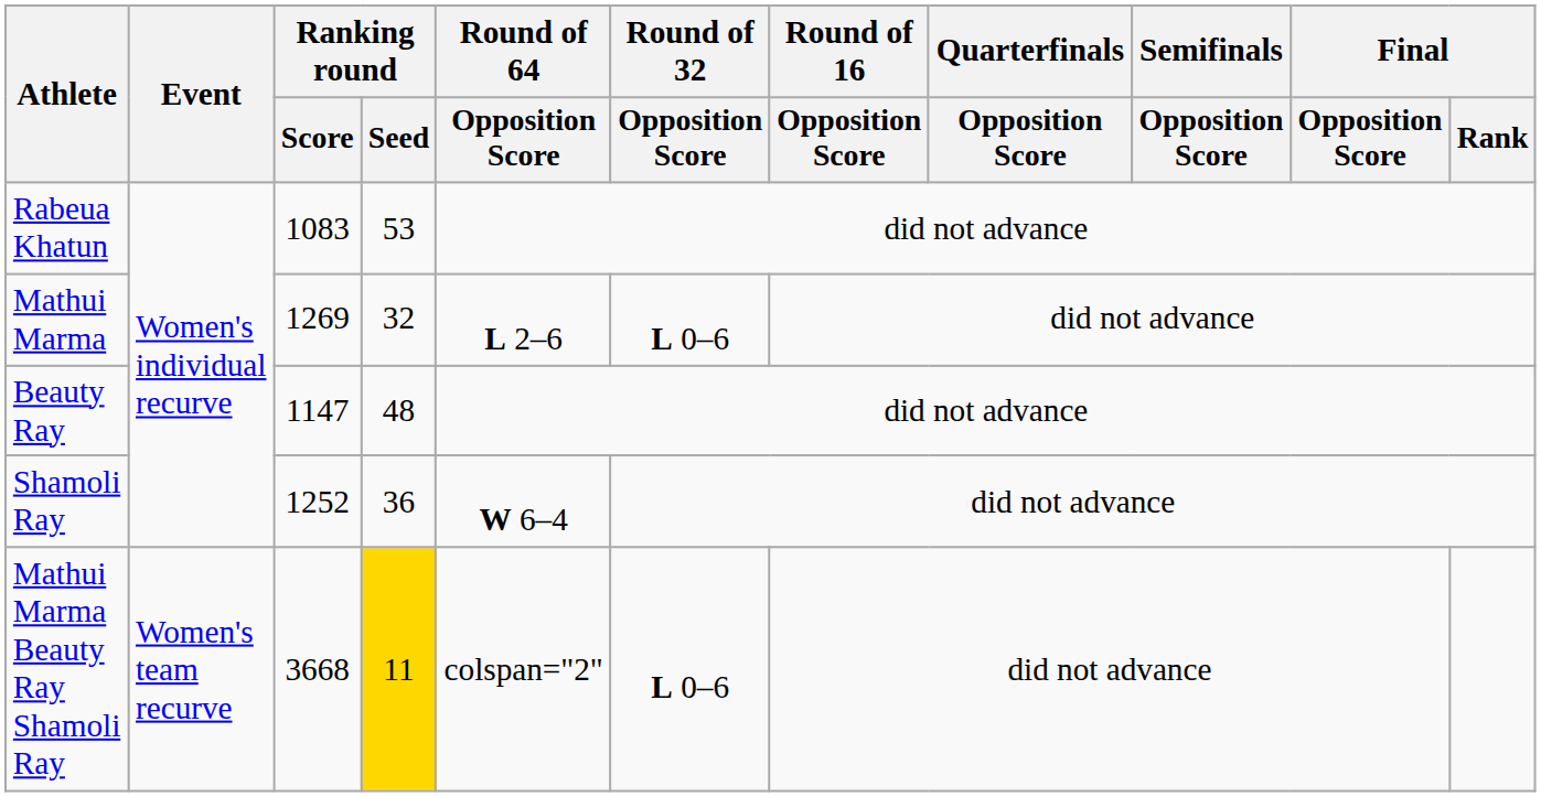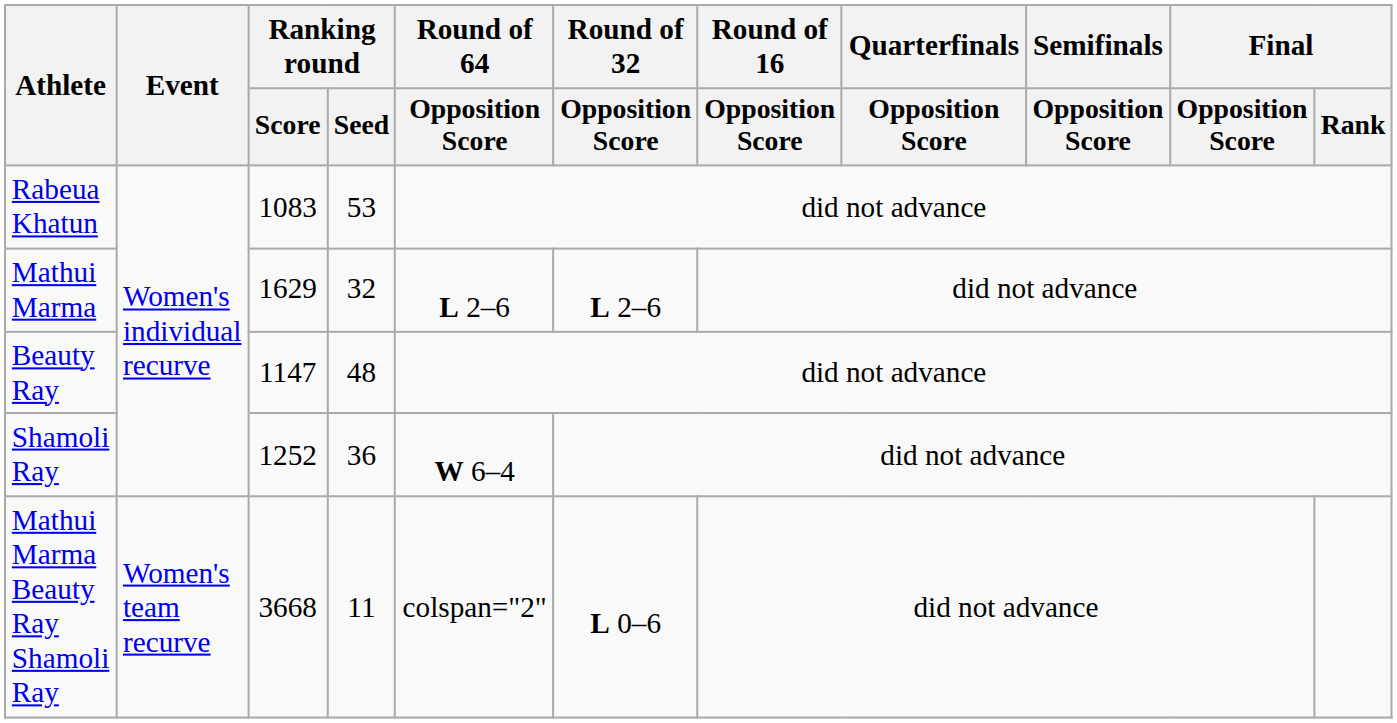 <table class="wikitable" style="font-size:90%">
 <tr>
 <th rowspan="2">Athlete</th>
 <th rowspan="2">Event</th>
 <th colspan="2">Ranking round</th>
 <th>Round of 64</th>
 <th>Round of 32</th>
 <th>Round of 16</th>
 <th>Quarterfinals</th>
 <th>Semifinals</th>
 <th colspan="2">Final</th>
 </tr>
 <tr style="font-size:95%">
 <th>Score</th>
 <th>Seed</th>
 <th>Opposition<br>Score</th>
 <th>Opposition<br>Score</th>
 <th>Opposition<br>Score</th>
 <th>Opposition<br>Score</th>
 <th>Opposition<br>Score</th>
 <th>Opposition<br>Score</th>
 <th>Rank</th>
 </tr>
 <tr align=center>
 <td align=left><a href='#'>Rabeua Khatun</a></td>
 <td align="left" rowspan="4"><a href='#'>Women's individual recurve</a></td>
 <td>1083</td>
 <td>53</td>
 <td colspan=7>did not advance</td>
 </tr>
 <tr align=center>
 <td align=left><a href='#'>Mathui Marma</a></td>
-<td>1269</td>
+<td>1629</td>
 <td>32</td>
 <td><br> <strong>L</strong> 2–6</td>
-<td><br> <strong>L</strong> 0–6</td>
+<td><br> <strong>L</strong> 2–6</td>
 <td colspan=5>did not advance</td>
 </tr>
 <tr align=center>
 <td align=left><a href='#'>Beauty Ray</a></td>
 <td>1147</td>
 <td>48</td>
 <td colspan=7>did not advance</td>
 </tr>
 <tr align=center>
 <td align=left><a href='#'>Shamoli Ray</a></td>
 <td>1252</td>
 <td>36</td>
 <td><br> <strong>W</strong> 6–4</td>
 <td colspan=6>did not advance</td>
 </tr>
 <tr align=center>
 <td align=left><a href='#'>Mathui Marma</a> <br> <a href='#'>Beauty Ray</a> <br> <a href='#'>Shamoli Ray</a></td>
 <td align="left"><a href='#'>Women's team recurve</a></td>
 <td>3668</td>
-<td style="background: gold;">11</td>
+<td>11</td>
 <td>colspan="2" </td>
 <td><br> <strong>L</strong> 0–6</td>
 <td colspan=4>did not advance</td>
 </tr>
 </table>
